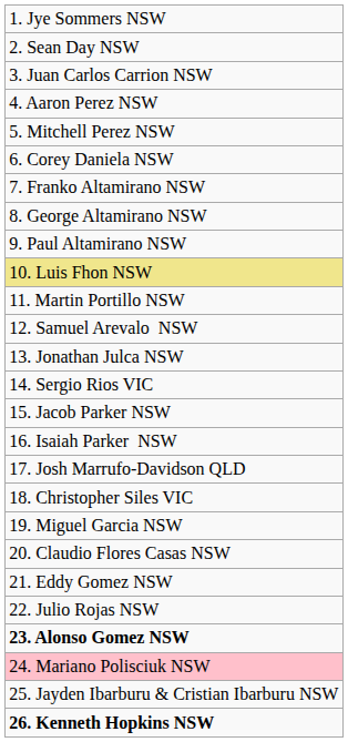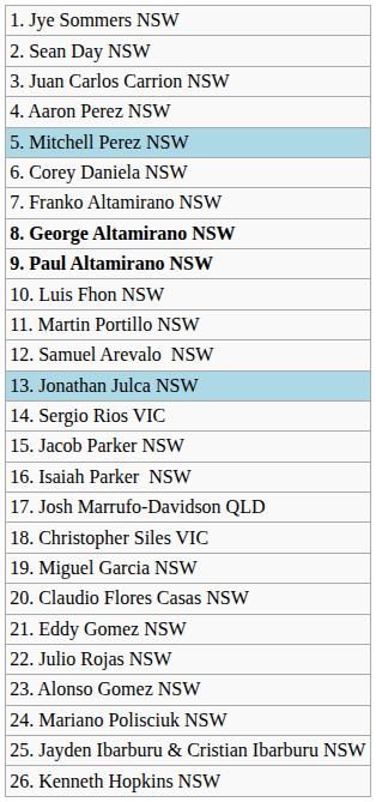 <table class="wikitable">
 <tr>
 <td>1. Jye Sommers NSW</td>
 </tr>
 <tr>
 <td>2. Sean Day NSW</td>
 </tr>
 <tr>
 <td>3. Juan Carlos Carrion NSW</td>
 </tr>
 <tr>
 <td>4. Aaron Perez NSW</td>
 </tr>
 <tr>
-<td>5. Mitchell Perez NSW</td>
+<td style="background: lightblue;">5. Mitchell Perez NSW</td>
 </tr>
 <tr>
 <td>6. Corey Daniela NSW</td>
 </tr>
 <tr>
 <td>7. Franko Altamirano NSW</td>
 </tr>
 <tr>
-<td>8. George Altamirano NSW</td>
+<td><strong>8. George Altamirano NSW</strong></td>
 </tr>
 <tr>
-<td>9. Paul Altamirano NSW</td>
+<td><strong>9. Paul Altamirano NSW</strong></td>
 </tr>
 <tr>
-<td style="background: khaki;">10. Luis Fhon NSW</td>
+<td>10. Luis Fhon NSW</td>
 </tr>
 <tr>
 <td>11. Martin Portillo NSW</td>
 </tr>
 <tr>
 <td>12. Samuel Arevalo  NSW</td>
 </tr>
 <tr>
-<td>13. Jonathan Julca NSW</td>
+<td style="background: lightblue;">13. Jonathan Julca NSW</td>
 </tr>
 <tr>
 <td>14. Sergio Rios VIC</td>
 </tr>
 <tr>
 <td>15. Jacob Parker NSW</td>
 </tr>
 <tr>
 <td>16. Isaiah Parker  NSW</td>
 </tr>
 <tr>
 <td>17. Josh Marrufo-Davidson QLD</td>
 </tr>
 <tr>
 <td>18. Christopher Siles VIC</td>
 </tr>
 <tr>
 <td>19. Miguel Garcia NSW</td>
 </tr>
 <tr>
 <td>20. Claudio Flores Casas NSW</td>
 </tr>
 <tr>
 <td>21. Eddy Gomez NSW</td>
 </tr>
 <tr>
 <td>22. Julio Rojas NSW</td>
 </tr>
 <tr>
-<td><strong>23. Alonso Gomez NSW</strong></td>
+<td>23. Alonso Gomez NSW</td>
 </tr>
 <tr>
-<td style="background: pink;">24. Mariano Polisciuk NSW</td>
+<td>24. Mariano Polisciuk NSW</td>
 </tr>
 <tr>
 <td>25. Jayden Ibarburu & Cristian Ibarburu NSW</td>
 </tr>
 <tr>
-<td><strong>26. Kenneth Hopkins NSW</strong></td>
+<td>26. Kenneth Hopkins NSW</td>
 </tr>
 </table>
